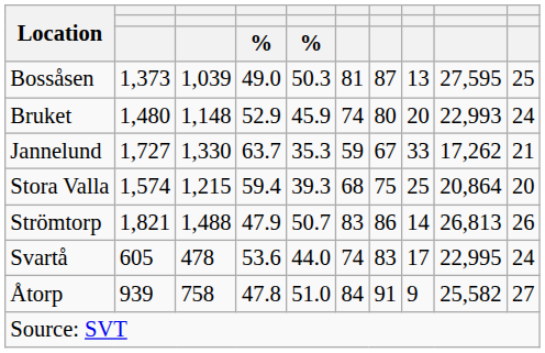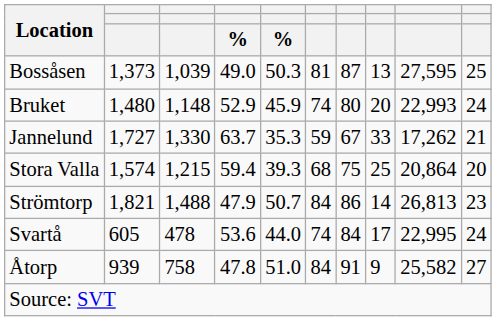 <table role="presentation" class="wikitable sortable mw-collapsible">
 <tr>
 <th rowspan="3">Location</th>
 <th></th>
 <th></th>
 <th></th>
 <th></th>
 <th></th>
 <th></th>
 <th></th>
 <th></th>
 <th></th>
 </tr>
 <tr>
 <th></th>
 <th></th>
 <th style="background:"></th>
 <th style="background:"></th>
 <th></th>
 <th></th>
 <th></th>
 <th></th>
 <th></th>
 </tr>
 <tr>
 <th data-sort-type="number"></th>
 <th data-sort-type="number"></th>
 <th data-sort-type="number">%</th>
 <th data-sort-type="number">%</th>
 <th data-sort-type="number"></th>
 <th data-sort-type="number"></th>
 <th data-sort-type="number"></th>
 <th data-sort-type="number"></th>
 <th data-sort-type="number"></th>
 </tr>
 <tr>
 <td align="left">Bossåsen</td>
 <td>1,373</td>
 <td>1,039</td>
 <td>49.0</td>
 <td>50.3</td>
 <td>81</td>
 <td>87</td>
 <td>13</td>
 <td>27,595</td>
 <td>25</td>
 </tr>
 <tr>
 <td align="left">Bruket</td>
 <td>1,480</td>
 <td>1,148</td>
 <td>52.9</td>
 <td>45.9</td>
 <td>74</td>
 <td>80</td>
 <td>20</td>
 <td>22,993</td>
 <td>24</td>
 </tr>
 <tr>
 <td align="left">Jannelund</td>
 <td>1,727</td>
 <td>1,330</td>
 <td>63.7</td>
 <td>35.3</td>
 <td>59</td>
 <td>67</td>
 <td>33</td>
 <td>17,262</td>
 <td>21</td>
 </tr>
 <tr>
 <td align="left">Stora Valla</td>
 <td>1,574</td>
 <td>1,215</td>
 <td>59.4</td>
 <td>39.3</td>
 <td>68</td>
 <td>75</td>
 <td>25</td>
 <td>20,864</td>
 <td>20</td>
 </tr>
 <tr>
 <td align="left">Strömtorp</td>
 <td>1,821</td>
 <td>1,488</td>
 <td>47.9</td>
 <td>50.7</td>
-<td>83</td>
+<td>84</td>
 <td>86</td>
 <td>14</td>
 <td>26,813</td>
-<td>26</td>
+<td>23</td>
 </tr>
 <tr>
 <td align="left">Svartå</td>
 <td>605</td>
 <td>478</td>
 <td>53.6</td>
 <td>44.0</td>
 <td>74</td>
-<td>83</td>
+<td>84</td>
 <td>17</td>
 <td>22,995</td>
 <td>24</td>
 </tr>
 <tr>
 <td align="left">Åtorp</td>
 <td>939</td>
 <td>758</td>
 <td>47.8</td>
 <td>51.0</td>
 <td>84</td>
 <td>91</td>
 <td>9</td>
 <td>25,582</td>
 <td>27</td>
 </tr>
 <tr>
 <td colspan="10" align="left">Source: <a href='#'>SVT</a></td>
 </tr>
 </table>
